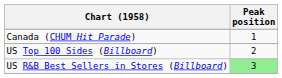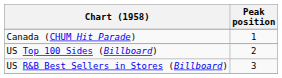 <table class="wikitable sortable plainrowheaders">
 <tr>
 <th scope=col>Chart (1958)</th>
 <th scope=col>Peak<br>position</th>
 </tr>
 <tr>
 </tr>
 <tr>
 <td>Canada (<a href='#'>CHUM <em>Hit Parade</em></a>)</td>
 <td style="text-align:center;">1</td>
 </tr>
 <tr>
 </tr>
 <tr>
 </tr>
 <tr>
 <td>US <a href='#'>Top 100 Sides</a> (<a href='#'><em>Billboard</em></a>)</td>
 <td style="text-align:center;">2</td>
 </tr>
 <tr>
 <td>US <a href='#'>R&B Best Sellers in Stores</a> (<a href='#'><em>Billboard</em></a>)</td>
-<td style="background: lightgreen; text-align:center;">3</td>
+<td style="text-align:center;">3</td>
 </tr>
 <tr>
 </tr>
 </table>
